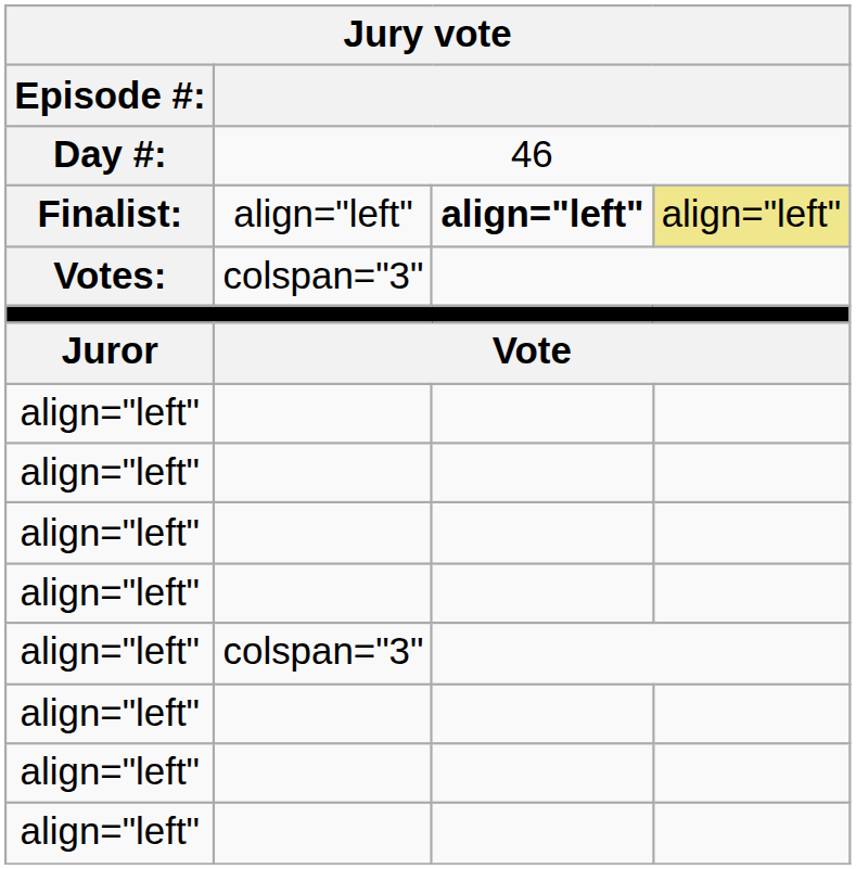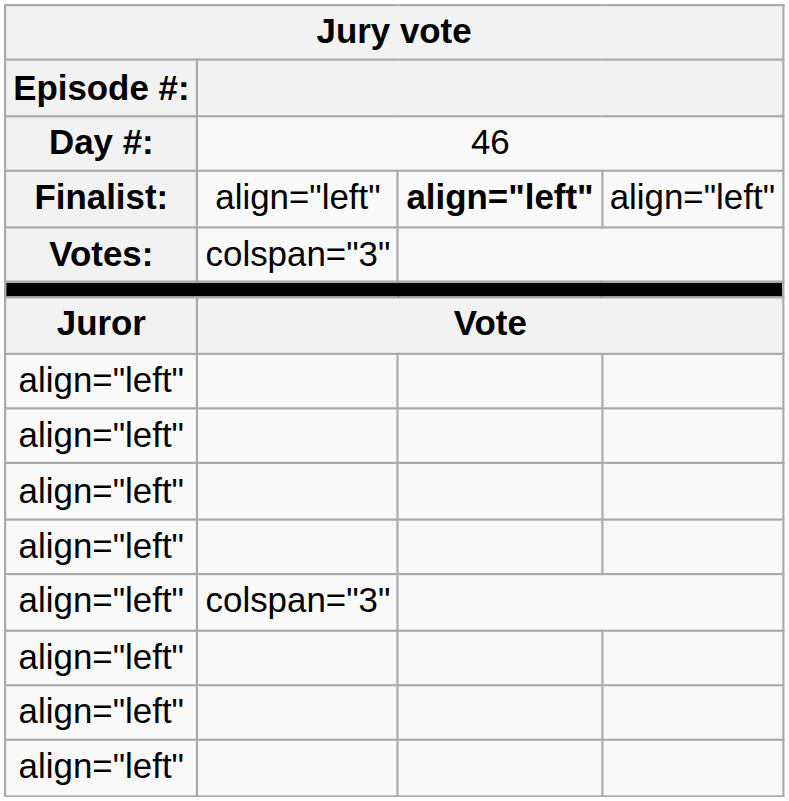 <table class="wikitable" style="text-align:center; font-size:100%">
 <tr>
 <th colspan="4">Jury vote</th>
 </tr>
 <tr>
 <th>Episode #:</th>
 <th colspan="3"></th>
 </tr>
 <tr>
 <th>Day #:</th>
 <td colspan="3">46</td>
 </tr>
 <tr>
 <th>Finalist:</th>
 <td>align="left" </td>
 <td><strong>align="left" </strong></td>
-<td style="background: khaki;">align="left" </td>
+<td>align="left" </td>
 </tr>
 <tr>
 <th>Votes:</th>
 <td>colspan="3" </td>
 </tr>
 <tr>
 <th colspan="4" style="background:black;"></th>
 </tr>
 <tr>
 <th>Juror</th>
 <th colspan="4">Vote</th>
 </tr>
 <tr>
 <td>align="left" </td>
 <td></td>
 <td></td>
 <td></td>
 </tr>
 <tr>
 <td>align="left" </td>
 <td></td>
 <td></td>
 <td></td>
 </tr>
 <tr>
 <td>align="left" </td>
 <td></td>
 <td></td>
 <td></td>
 </tr>
 <tr>
 <td>align="left" </td>
 <td></td>
 <td></td>
 <td></td>
 </tr>
 <tr>
 <td>align="left" </td>
 <td>colspan="3" </td>
 </tr>
 <tr>
 <td>align="left" </td>
 <td></td>
 <td></td>
 <td></td>
 </tr>
 <tr>
 <td>align="left" </td>
 <td></td>
 <td></td>
 <td></td>
 </tr>
 <tr>
 <td>align="left" </td>
 <td></td>
 <td></td>
 <td></td>
 </tr>
 </table>
